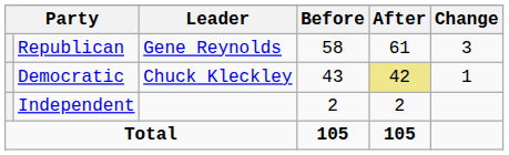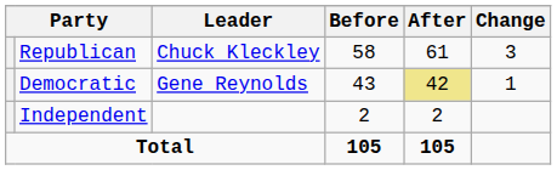 <table class="wikitable" style="text-align:center;">
 <tr>
 </tr>
 <tr>
 <th colspan=2>Party</th>
 <th>Leader</th>
 <th>Before</th>
 <th>After</th>
 <th>Change</th>
 </tr>
 <tr>
 <th style="background-color:"></th>
 <td style="text-align:left;"><a href='#'>Republican</a></td>
-<td style="text-align:left;"><a href='#'>Gene Reynolds</a></td>
+<td style="text-align:left;"><a href='#'>Chuck Kleckley</a></td>
 <td>58</td>
 <td>61</td>
 <td> 3</td>
 </tr>
 <tr>
 <th style="background-color:"></th>
 <td style="text-align:left;"><a href='#'>Democratic</a></td>
-<td style="text-align:left;"><a href='#'>Chuck Kleckley</a></td>
+<td style="text-align:left;"><a href='#'>Gene Reynolds</a></td>
 <td>43</td>
 <td style="background: khaki;">42</td>
 <td> 1</td>
 </tr>
 <tr>
 <th style="background-color:"></th>
 <td style="text-align:left;"><a href='#'>Independent</a></td>
 <td style="text-align:left;"></td>
 <td>2</td>
 <td>2</td>
 <td></td>
 </tr>
 <tr>
 <td colspan=3><strong>Total</strong></td>
 <td><strong>105</strong></td>
 <td><strong>105</strong></td>
 </tr>
 </table>
